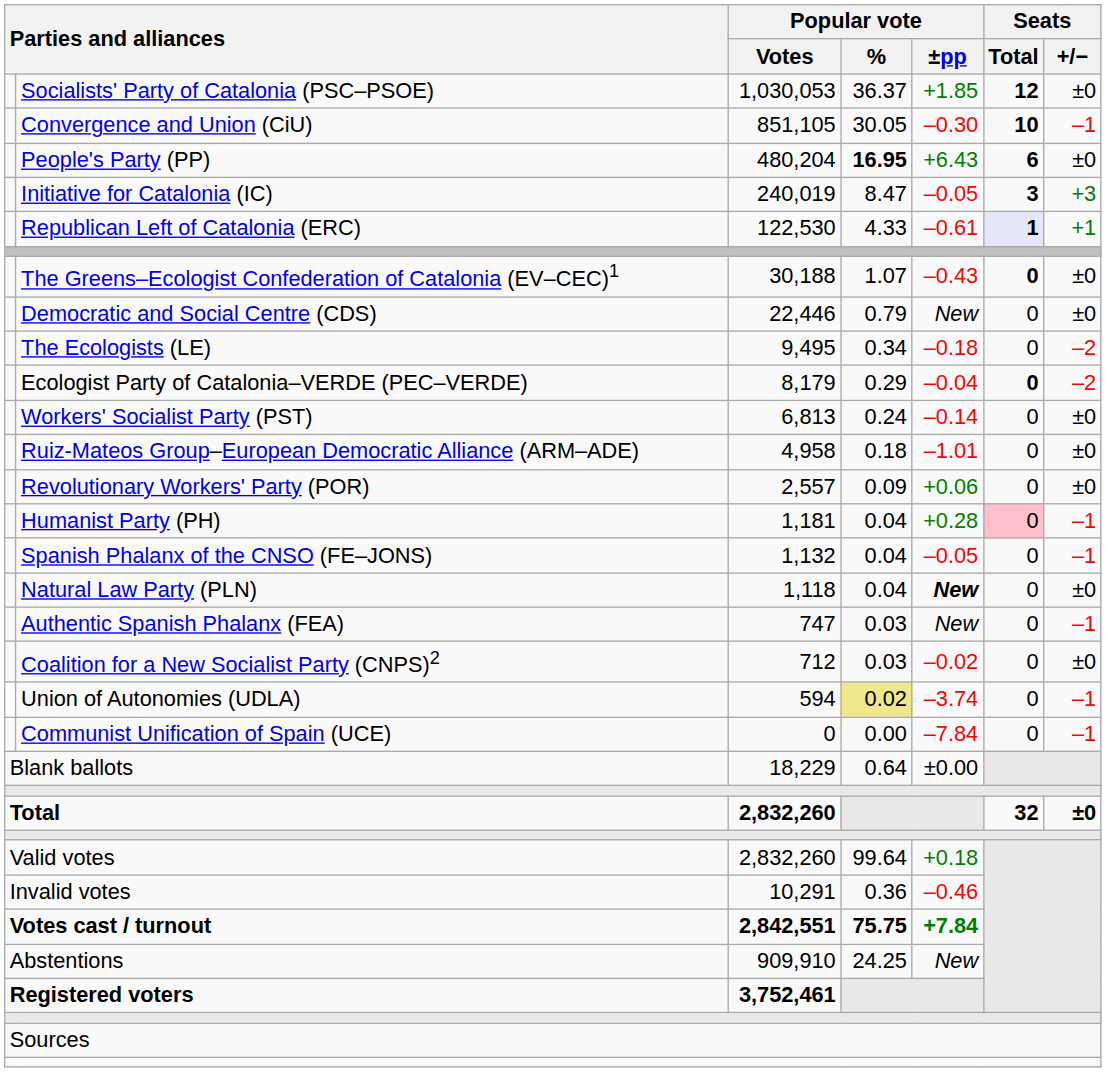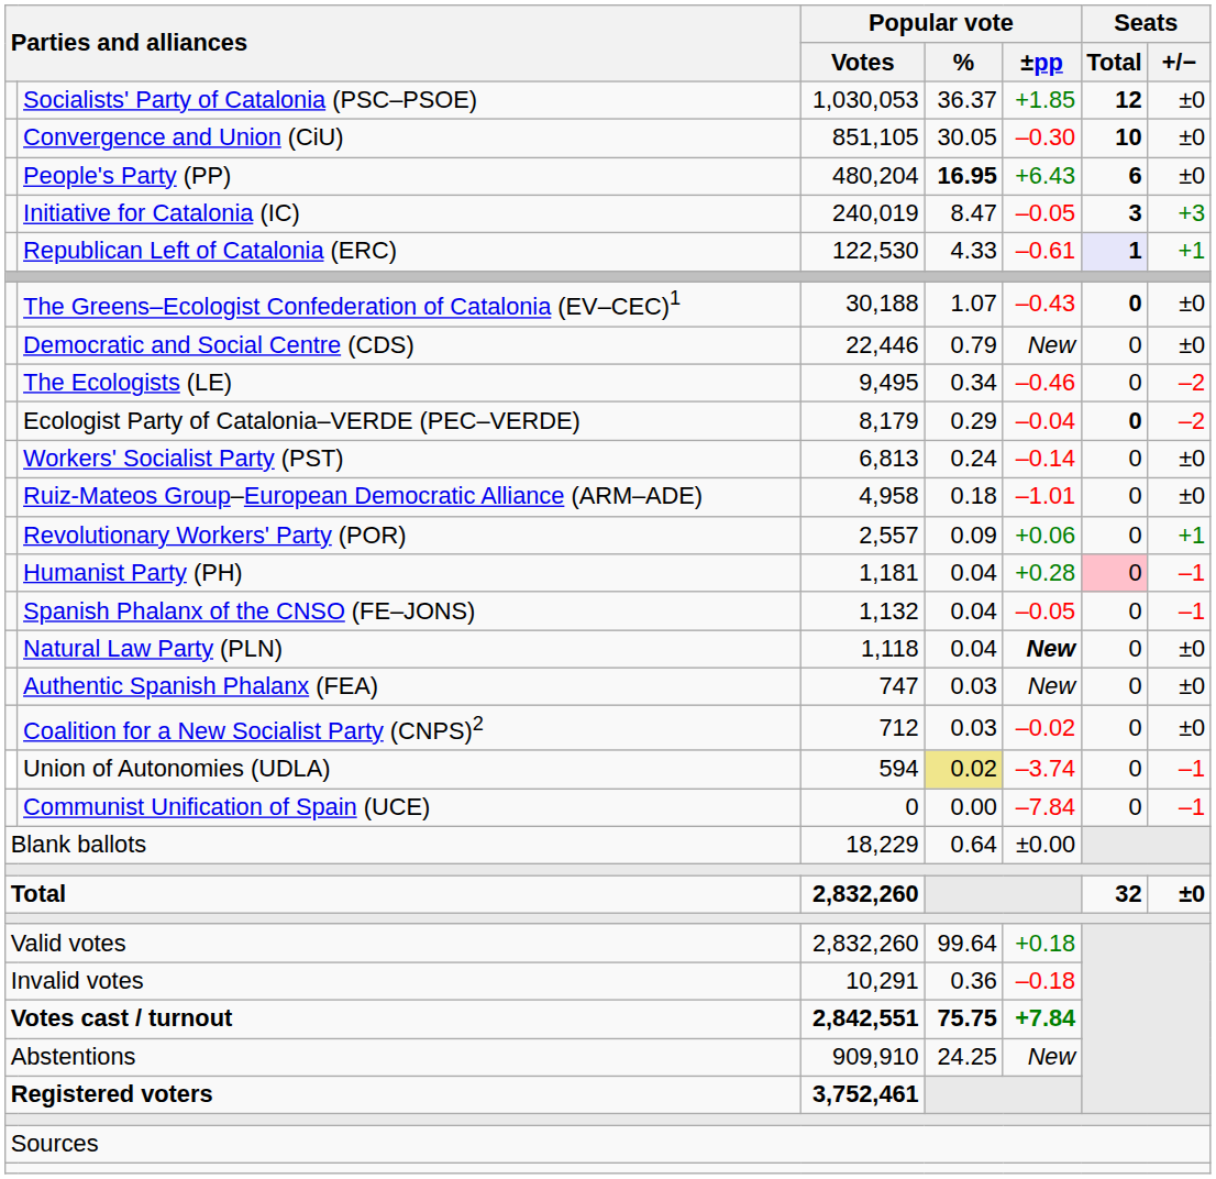 <table class="wikitable" style="text-align:right;">
 <tr>
 <th style="text-align:left;" rowspan="2" colspan="2" width="525">Parties and alliances</th>
 <th colspan="3">Popular vote</th>
 <th colspan="2">Seats</th>
 </tr>
 <tr>
 <th width="75">Votes</th>
 <th width="45">%</th>
 <th width="45">±<a href='#'>pp</a></th>
 <th width="35">Total</th>
 <th width="35">+/−</th>
 </tr>
 <tr>
 <td width="1" style="color:inherit;background:"></td>
 <td align="left"><a href='#'>Socialists' Party of Catalonia</a> (PSC–PSOE)</td>
 <td>1,030,053</td>
 <td>36.37</td>
 <td style="color:green;">+1.85</td>
 <td><strong>12</strong></td>
 <td>±0</td>
 </tr>
 <tr>
 <td style="color:inherit;background:"></td>
 <td align="left"><a href='#'>Convergence and Union</a> (CiU)</td>
 <td>851,105</td>
 <td>30.05</td>
 <td style="color:red;">–0.30</td>
 <td><strong>10</strong></td>
-<td style="color:red;">–1</td>
+<td>±0</td>
 </tr>
 <tr>
 <td style="color:inherit;background:"></td>
 <td align="left"><a href='#'>People's Party</a> (PP)</td>
 <td>480,204</td>
 <td><strong>16.95</strong></td>
 <td style="color:green;">+6.43</td>
 <td><strong>6</strong></td>
 <td>±0</td>
 </tr>
 <tr>
 <td style="color:inherit;background:"></td>
 <td align="left"><a href='#'>Initiative for Catalonia</a> (IC)</td>
 <td>240,019</td>
 <td>8.47</td>
 <td style="color:red;">–0.05</td>
 <td><strong>3</strong></td>
 <td style="color:green;">+3</td>
 </tr>
 <tr>
 <td style="color:inherit;background:"></td>
 <td align="left"><a href='#'>Republican Left of Catalonia</a> (ERC)</td>
 <td>122,530</td>
 <td>4.33</td>
 <td style="color:red;">–0.61</td>
 <td style="background: lavender;"><strong>1</strong></td>
 <td style="color:green;">+1</td>
 </tr>
 <tr>
 <td colspan="7" bgcolor="#C0C0C0"></td>
 </tr>
 <tr>
 <td style="color:inherit;background:"></td>
 <td align="left"><a href='#'>The Greens–Ecologist Confederation of Catalonia</a> (EV–CEC)<sup>1</sup></td>
 <td>30,188</td>
 <td>1.07</td>
 <td style="color:red;">–0.43</td>
 <td><strong>0</strong></td>
 <td>±0</td>
 </tr>
 <tr>
 <td style="color:inherit;background:"></td>
 <td align="left"><a href='#'>Democratic and Social Centre</a> (CDS)</td>
 <td>22,446</td>
 <td>0.79</td>
 <td><em>New</em></td>
 <td>0</td>
 <td>±0</td>
 </tr>
 <tr>
 <td style="color:inherit;background:"></td>
 <td align="left"><a href='#'>The Ecologists</a> (LE)</td>
 <td>9,495</td>
 <td>0.34</td>
-<td style="color:red;">–0.18</td>
+<td style="color:red;">–0.46</td>
 <td>0</td>
 <td style="color:red;">–2</td>
 </tr>
 <tr>
 <td style="color:inherit;background:"></td>
 <td align="left">Ecologist Party of Catalonia–VERDE (PEC–VERDE)</td>
 <td>8,179</td>
 <td>0.29</td>
 <td style="color:red;">–0.04</td>
 <td><strong>0</strong></td>
 <td style="color:red;">–2</td>
 </tr>
 <tr>
 <td style="color:inherit;background:"></td>
 <td align="left"><a href='#'>Workers' Socialist Party</a> (PST)</td>
 <td>6,813</td>
 <td>0.24</td>
 <td style="color:red;">–0.14</td>
 <td>0</td>
 <td>±0</td>
 </tr>
 <tr>
 <td style="color:inherit;background:"></td>
 <td align="left"><a href='#'>Ruiz-Mateos Group</a>–<a href='#'>European Democratic Alliance</a> (ARM–ADE)</td>
 <td>4,958</td>
 <td>0.18</td>
 <td style="color:red;">–1.01</td>
 <td>0</td>
 <td>±0</td>
 </tr>
 <tr>
 <td style="color:inherit;background:"></td>
 <td align="left"><a href='#'>Revolutionary Workers' Party</a> (POR)</td>
 <td>2,557</td>
 <td>0.09</td>
 <td style="color:green;">+0.06</td>
 <td>0</td>
-<td>±0</td>
+<td style="color:green;">+1</td>
 </tr>
 <tr>
 <td style="color:inherit;background:"></td>
 <td align="left"><a href='#'>Humanist Party</a> (PH)</td>
 <td>1,181</td>
 <td>0.04</td>
 <td style="color:green;">+0.28</td>
 <td style="background: pink;">0</td>
 <td style="color:red;">–1</td>
 </tr>
 <tr>
 <td style="color:inherit;background:"></td>
 <td align="left"><a href='#'>Spanish Phalanx of the CNSO</a> (FE–JONS)</td>
 <td>1,132</td>
 <td>0.04</td>
 <td style="color:red;">–0.05</td>
 <td>0</td>
 <td style="color:red;">–1</td>
 </tr>
 <tr>
 <td style="color:inherit;background:"></td>
 <td align="left"><a href='#'>Natural Law Party</a> (PLN)</td>
 <td>1,118</td>
 <td>0.04</td>
 <td><strong><em>New</em></strong></td>
 <td>0</td>
 <td>±0</td>
 </tr>
 <tr>
 <td style="color:inherit;background:"></td>
 <td align="left"><a href='#'>Authentic Spanish Phalanx</a> (FEA)</td>
 <td>747</td>
 <td>0.03</td>
 <td><em>New</em></td>
 <td>0</td>
-<td style="color:red;">–1</td>
+<td>±0</td>
 </tr>
 <tr>
 <td style="color:inherit;background:"></td>
 <td align="left"><a href='#'>Coalition for a New Socialist Party</a> (CNPS)<sup>2</sup></td>
 <td>712</td>
 <td>0.03</td>
 <td style="color:red;">–0.02</td>
 <td>0</td>
 <td>±0</td>
 </tr>
 <tr>
 <td bgcolor="white"></td>
 <td align="left">Union of Autonomies (UDLA)</td>
 <td>594</td>
 <td style="background: khaki;">0.02</td>
 <td style="color:red;">–3.74</td>
 <td>0</td>
 <td style="color:red;">–1</td>
 </tr>
 <tr>
 <td style="color:inherit;background:"></td>
 <td align="left"><a href='#'>Communist Unification of Spain</a> (UCE)</td>
 <td>0</td>
 <td>0.00</td>
 <td style="color:red;">–7.84</td>
 <td>0</td>
 <td style="color:red;">–1</td>
 </tr>
 <tr>
 <td align="left" colspan="2">Blank ballots</td>
 <td>18,229</td>
 <td>0.64</td>
 <td>±0.00</td>
 <td bgcolor="#E9E9E9" colspan="2"></td>
 </tr>
 <tr>
 <td colspan="7" bgcolor="#E9E9E9"></td>
 </tr>
 <tr style="font-weight:bold;">
 <td align="left" colspan="2">Total</td>
 <td>2,832,260</td>
 <td bgcolor="#E9E9E9" colspan="2"></td>
 <td>32</td>
 <td>±0</td>
 </tr>
 <tr>
 <td colspan="7" bgcolor="#E9E9E9"></td>
 </tr>
 <tr>
 <td align="left" colspan="2">Valid votes</td>
 <td>2,832,260</td>
 <td>99.64</td>
 <td style="color:green;">+0.18</td>
 <td bgcolor="#E9E9E9" colspan="2" rowspan="5"></td>
 </tr>
 <tr>
 <td align="left" colspan="2">Invalid votes</td>
 <td>10,291</td>
 <td>0.36</td>
-<td style="color:red;">–0.46</td>
+<td style="color:red;">–0.18</td>
 </tr>
 <tr style="font-weight:bold;">
 <td align="left" colspan="2">Votes cast / turnout</td>
 <td>2,842,551</td>
 <td>75.75</td>
 <td style="color:green;">+7.84</td>
 </tr>
 <tr>
 <td align="left" colspan="2">Abstentions</td>
 <td>909,910</td>
 <td>24.25</td>
 <td><em>New</em></td>
 </tr>
 <tr style="font-weight:bold;">
 <td align="left" colspan="2">Registered voters</td>
 <td>3,752,461</td>
 <td bgcolor="#E9E9E9" colspan="2"></td>
 </tr>
 <tr>
 <td colspan="7" bgcolor="#E9E9E9"></td>
 </tr>
 <tr>
 <td align="left" colspan="7">Sources</td>
 </tr>
 <tr>
 <td colspan="7" style="text-align:left; max-width:790px;"></td>
 </tr>
 </table>
